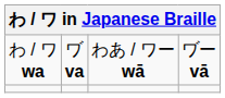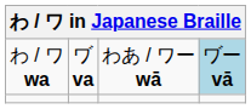 <table class="wikitable nowrap" style="text-align:center">
 <tr>
 <th colspan=4>わ / ワ in <a href='#'>Japanese Braille</a></th>
 </tr>
 <tr>
 <td>わ / ワ <br><strong>wa</strong></td>
 <td><span>ヷ <br><strong>va</strong></span></td>
 <td>わあ / ワー <br><strong>wā</strong></td>
-<td><span>ヷー <br><strong>vā</strong></span></td>
+<td style="background: lightblue;"><span>ヷー <br><strong>vā</strong></span></td>
 </tr>
 <tr>
 <td></td>
 <td></td>
 <td></td>
 <td></td>
 </tr>
 </table>
